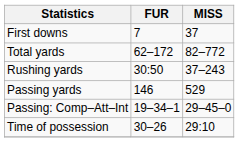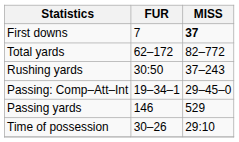 <table class="wikitable" style="float: left;">
 <tr>
 <th>Statistics</th>
 <th>FUR</th>
 <th>MISS</th>
 </tr>
 <tr>
 <td>First downs</td>
 <td>7</td>
-<td>37</td>
+<td><strong>37</strong></td>
 </tr>
 <tr>
 <td>Total yards</td>
 <td>62–172</td>
 <td>82–772</td>
 </tr>
 <tr>
 <td>Rushing yards</td>
 <td>30:50</td>
 <td>37–243</td>
 </tr>
 <tr>
+<td>Passing: Comp–Att–Int</td>
+<td>19–34–1</td>
+<td>29–45–0</td>
+</tr>
+<tr>
 <td>Passing yards</td>
 <td>146</td>
 <td>529</td>
-</tr>
-<tr>
-<td>Passing: Comp–Att–Int</td>
-<td>19–34–1</td>
-<td>29–45–0</td>
 </tr>
 <tr>
 <td>Time of possession</td>
 <td>30–26</td>
 <td>29:10</td>
 </tr>
 <tr>
 </tr>
 </table>
